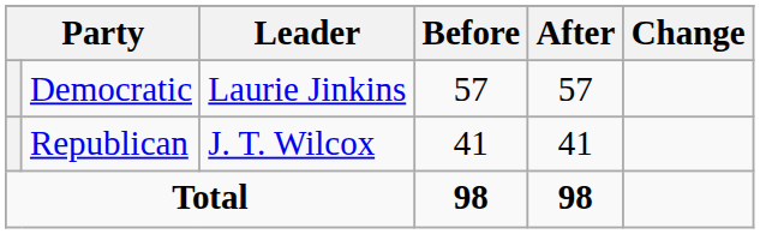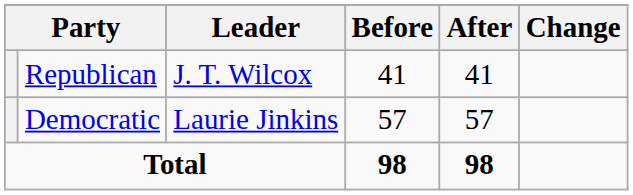 <table class="wikitable" style="text-align:center;">
 <tr>
 </tr>
 <tr>
 <th colspan=2>Party</th>
 <th>Leader</th>
 <th>Before</th>
 <th>After</th>
 <th>Change</th>
 </tr>
 <tr>
 <th style="background-color:"></th>
+<td style="text-align:left;"><a href='#'>Republican</a></td>
+<td style="text-align:left;"><a href='#'>J. T. Wilcox</a></td>
+<td>41</td>
+<td>41</td>
+<td></td>
+</tr>
+<tr>
+<th style="background-color:"></th>
 <td style="text-align:left;"><a href='#'>Democratic</a></td>
 <td style="text-align:left;"><a href='#'>Laurie Jinkins</a></td>
 <td>57</td>
 <td>57</td>
-<td></td>
-</tr>
-<tr>
-<th style="background-color:"></th>
-<td style="text-align:left;"><a href='#'>Republican</a></td>
-<td style="text-align:left;"><a href='#'>J. T. Wilcox</a></td>
-<td>41</td>
-<td>41</td>
 <td></td>
 </tr>
 <tr>
 <td colspan=3><strong>Total</strong></td>
 <td><strong>98</strong></td>
 <td><strong>98</strong></td>
 <td></td>
 </tr>
 </table>
